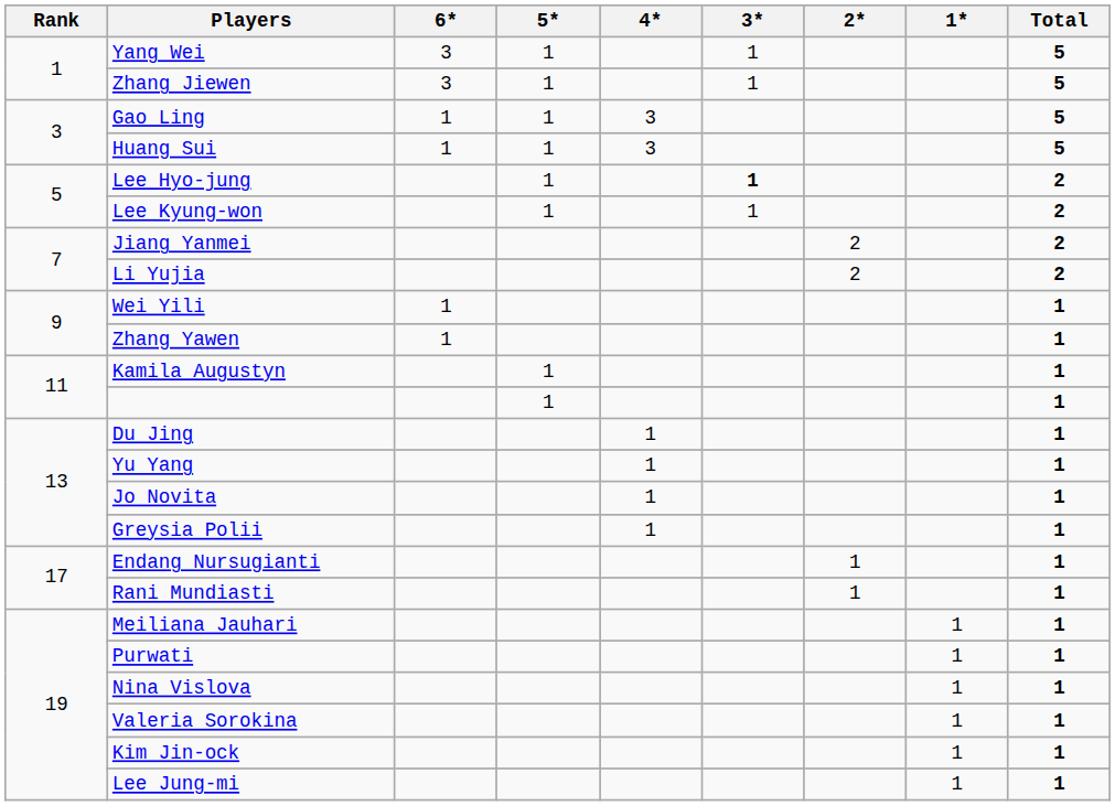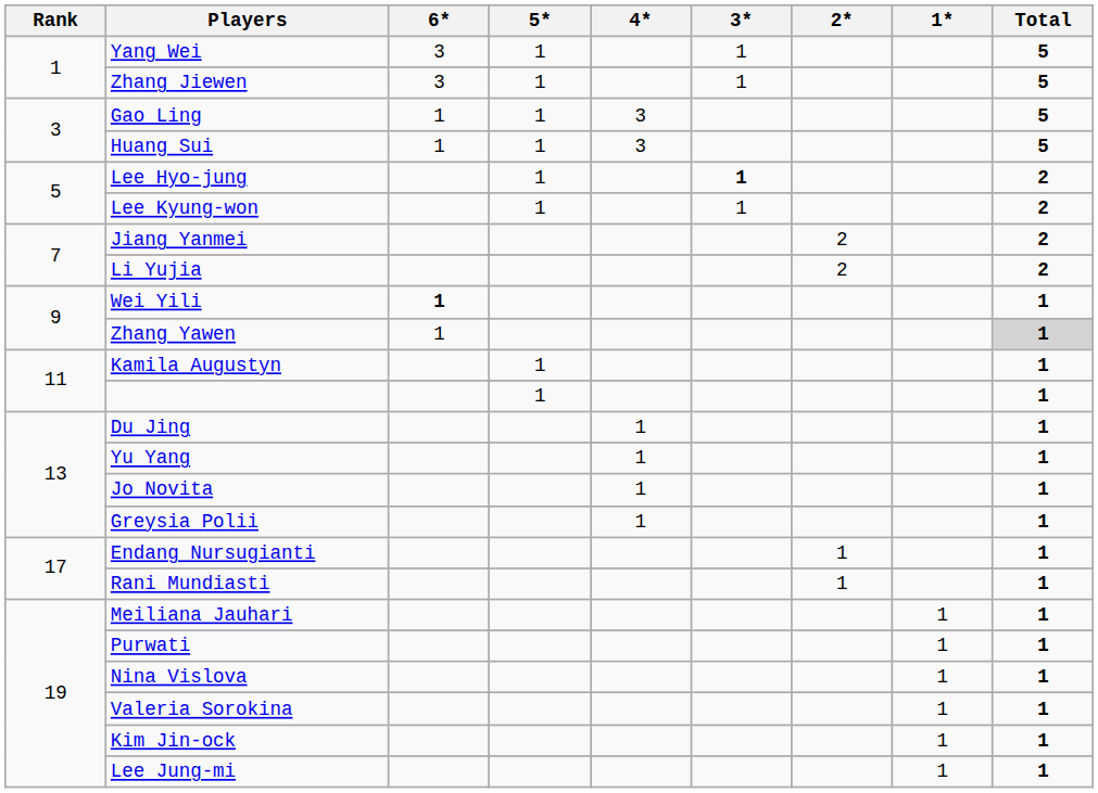 <table class="wikitable" style="font-size:80%; text-align:center">
 <tr>
 <th width="50">Rank</th>
 <th width="150">Players</th>
 <th width="50">6*</th>
 <th width="50">5*</th>
 <th width="50">4*</th>
 <th width="50">3*</th>
 <th width="50">2*</th>
 <th width="50">1*</th>
 <th width="50">Total</th>
 </tr>
 <tr>
 <td rowspan="2">1</td>
 <td align="left"> <a href='#'>Yang Wei</a></td>
 <td>3</td>
 <td>1</td>
 <td></td>
 <td>1</td>
 <td></td>
 <td></td>
 <td><strong>5</strong></td>
 </tr>
 <tr>
 <td align="left"> <a href='#'>Zhang Jiewen</a></td>
 <td>3</td>
 <td>1</td>
 <td></td>
 <td>1</td>
 <td></td>
 <td></td>
 <td><strong>5</strong></td>
 </tr>
 <tr>
 <td rowspan="2">3</td>
 <td align="left"> <a href='#'>Gao Ling</a></td>
 <td>1</td>
 <td>1</td>
 <td>3</td>
 <td></td>
 <td></td>
 <td></td>
 <td><strong>5</strong></td>
 </tr>
 <tr>
 <td align="left"> <a href='#'>Huang Sui</a></td>
 <td>1</td>
 <td>1</td>
 <td>3</td>
 <td></td>
 <td></td>
 <td></td>
 <td><strong>5</strong></td>
 </tr>
 <tr>
 <td rowspan="2">5</td>
 <td align="left"> <a href='#'>Lee Hyo-jung</a></td>
 <td></td>
 <td>1</td>
 <td></td>
 <td><strong>1</strong></td>
 <td></td>
 <td></td>
 <td><strong>2</strong></td>
 </tr>
 <tr>
 <td align="left"> <a href='#'>Lee Kyung-won</a></td>
 <td></td>
 <td>1</td>
 <td></td>
 <td>1</td>
 <td></td>
 <td></td>
 <td><strong>2</strong></td>
 </tr>
 <tr>
 <td rowspan="2">7</td>
 <td align="left"> <a href='#'>Jiang Yanmei</a></td>
 <td></td>
 <td></td>
 <td></td>
 <td></td>
 <td>2</td>
 <td></td>
 <td><strong>2</strong></td>
 </tr>
 <tr>
 <td align="left"> <a href='#'>Li Yujia</a></td>
 <td></td>
 <td></td>
 <td></td>
 <td></td>
 <td>2</td>
 <td></td>
 <td><strong>2</strong></td>
 </tr>
 <tr>
 <td rowspan="2">9</td>
 <td align="left"> <a href='#'>Wei Yili</a></td>
-<td>1</td>
+<td><strong>1</strong></td>
 <td></td>
 <td></td>
 <td></td>
 <td></td>
 <td></td>
 <td><strong>1</strong></td>
 </tr>
 <tr>
 <td align="left"> <a href='#'>Zhang Yawen</a></td>
 <td>1</td>
 <td></td>
 <td></td>
 <td></td>
 <td></td>
 <td></td>
-<td><strong>1</strong></td>
+<td style="background: lightgrey;"><strong>1</strong></td>
 </tr>
 <tr>
 <td rowspan="2">11</td>
 <td align="left"> <a href='#'>Kamila Augustyn</a></td>
 <td></td>
 <td>1</td>
 <td></td>
 <td></td>
 <td></td>
 <td></td>
 <td><strong>1</strong></td>
 </tr>
 <tr>
 <td align="left"></td>
 <td></td>
 <td>1</td>
 <td></td>
 <td></td>
 <td></td>
 <td></td>
 <td><strong>1</strong></td>
 </tr>
 <tr>
 <td rowspan="4">13</td>
 <td align="left"> <a href='#'>Du Jing</a></td>
 <td></td>
 <td></td>
 <td>1</td>
 <td></td>
 <td></td>
 <td></td>
 <td><strong>1</strong></td>
 </tr>
 <tr>
 <td align="left"> <a href='#'>Yu Yang</a></td>
 <td></td>
 <td></td>
 <td>1</td>
 <td></td>
 <td></td>
 <td></td>
 <td><strong>1</strong></td>
 </tr>
 <tr>
 <td align="left"> <a href='#'>Jo Novita</a></td>
 <td></td>
 <td></td>
 <td>1</td>
 <td></td>
 <td></td>
 <td></td>
 <td><strong>1</strong></td>
 </tr>
 <tr>
 <td align="left"> <a href='#'>Greysia Polii</a></td>
 <td></td>
 <td></td>
 <td>1</td>
 <td></td>
 <td></td>
 <td></td>
 <td><strong>1</strong></td>
 </tr>
 <tr>
 <td rowspan="2">17</td>
 <td align="left"> <a href='#'>Endang Nursugianti</a></td>
 <td></td>
 <td></td>
 <td></td>
 <td></td>
 <td>1</td>
 <td></td>
 <td><strong>1</strong></td>
 </tr>
 <tr>
 <td align="left"> <a href='#'>Rani Mundiasti</a></td>
 <td></td>
 <td></td>
 <td></td>
 <td></td>
 <td>1</td>
 <td></td>
 <td><strong>1</strong></td>
 </tr>
 <tr>
 <td rowspan="6">19</td>
 <td align="left"> <a href='#'>Meiliana Jauhari</a></td>
 <td></td>
 <td></td>
 <td></td>
 <td></td>
 <td></td>
 <td>1</td>
 <td><strong>1</strong></td>
 </tr>
 <tr>
 <td align="left"> <a href='#'>Purwati</a></td>
 <td></td>
 <td></td>
 <td></td>
 <td></td>
 <td></td>
 <td>1</td>
 <td><strong>1</strong></td>
 </tr>
 <tr>
 <td align="left"> <a href='#'>Nina Vislova</a></td>
 <td></td>
 <td></td>
 <td></td>
 <td></td>
 <td></td>
 <td>1</td>
 <td><strong>1</strong></td>
 </tr>
 <tr>
 <td align="left"> <a href='#'>Valeria Sorokina</a></td>
 <td></td>
 <td></td>
 <td></td>
 <td></td>
 <td></td>
 <td>1</td>
 <td><strong>1</strong></td>
 </tr>
 <tr>
 <td align="left"> <a href='#'>Kim Jin-ock</a></td>
 <td></td>
 <td></td>
 <td></td>
 <td></td>
 <td></td>
 <td>1</td>
 <td><strong>1</strong></td>
 </tr>
 <tr>
 <td align="left"> <a href='#'>Lee Jung-mi</a></td>
 <td></td>
 <td></td>
 <td></td>
 <td></td>
 <td></td>
 <td>1</td>
 <td><strong>1</strong></td>
 </tr>
 </table>
